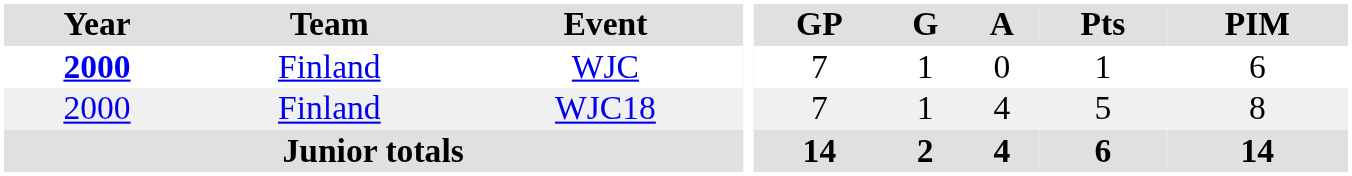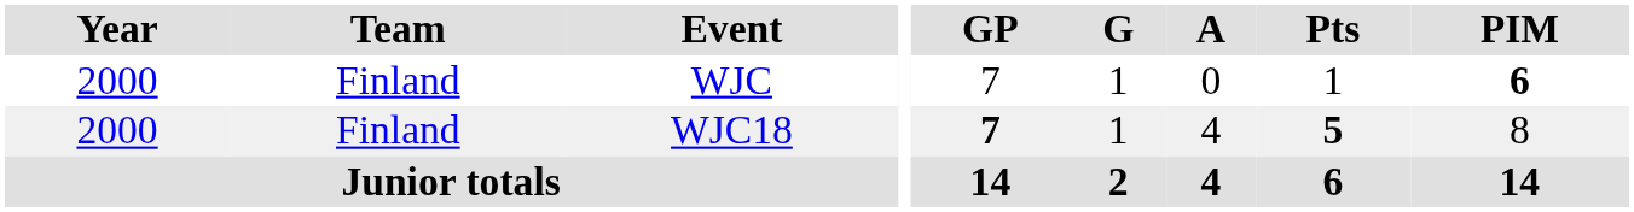 <table border="0" cellpadding="1" cellspacing="0" ID="Table3" style="text-align:center; width:40em">
 <tr ALIGN="center" bgcolor="#e0e0e0">
 <th>Year</th>
 <th>Team</th>
 <th>Event</th>
 <th rowspan="99" bgcolor="#ffffff"></th>
 <th>GP</th>
 <th>G</th>
 <th>A</th>
 <th>Pts</th>
 <th>PIM</th>
 </tr>
 <tr>
-<td><strong><a href='#'>2000</a></strong></td>
+<td><a href='#'>2000</a></td>
 <td><a href='#'>Finland</a></td>
 <td><a href='#'>WJC</a></td>
 <td>7</td>
 <td>1</td>
 <td>0</td>
 <td>1</td>
-<td>6</td>
+<td><strong>6</strong></td>
 </tr>
 <tr bgcolor="#f0f0f0">
 <td><a href='#'>2000</a></td>
 <td><a href='#'>Finland</a></td>
 <td><a href='#'>WJC18</a></td>
-<td>7</td>
+<td><strong>7</strong></td>
 <td>1</td>
 <td>4</td>
-<td>5</td>
+<td><strong>5</strong></td>
 <td>8</td>
 </tr>
 <tr bgcolor="#e0e0e0">
 <th colspan="3">Junior totals</th>
 <th>14</th>
 <th>2</th>
 <th>4</th>
 <th>6</th>
 <th>14</th>
 </tr>
 </table>
